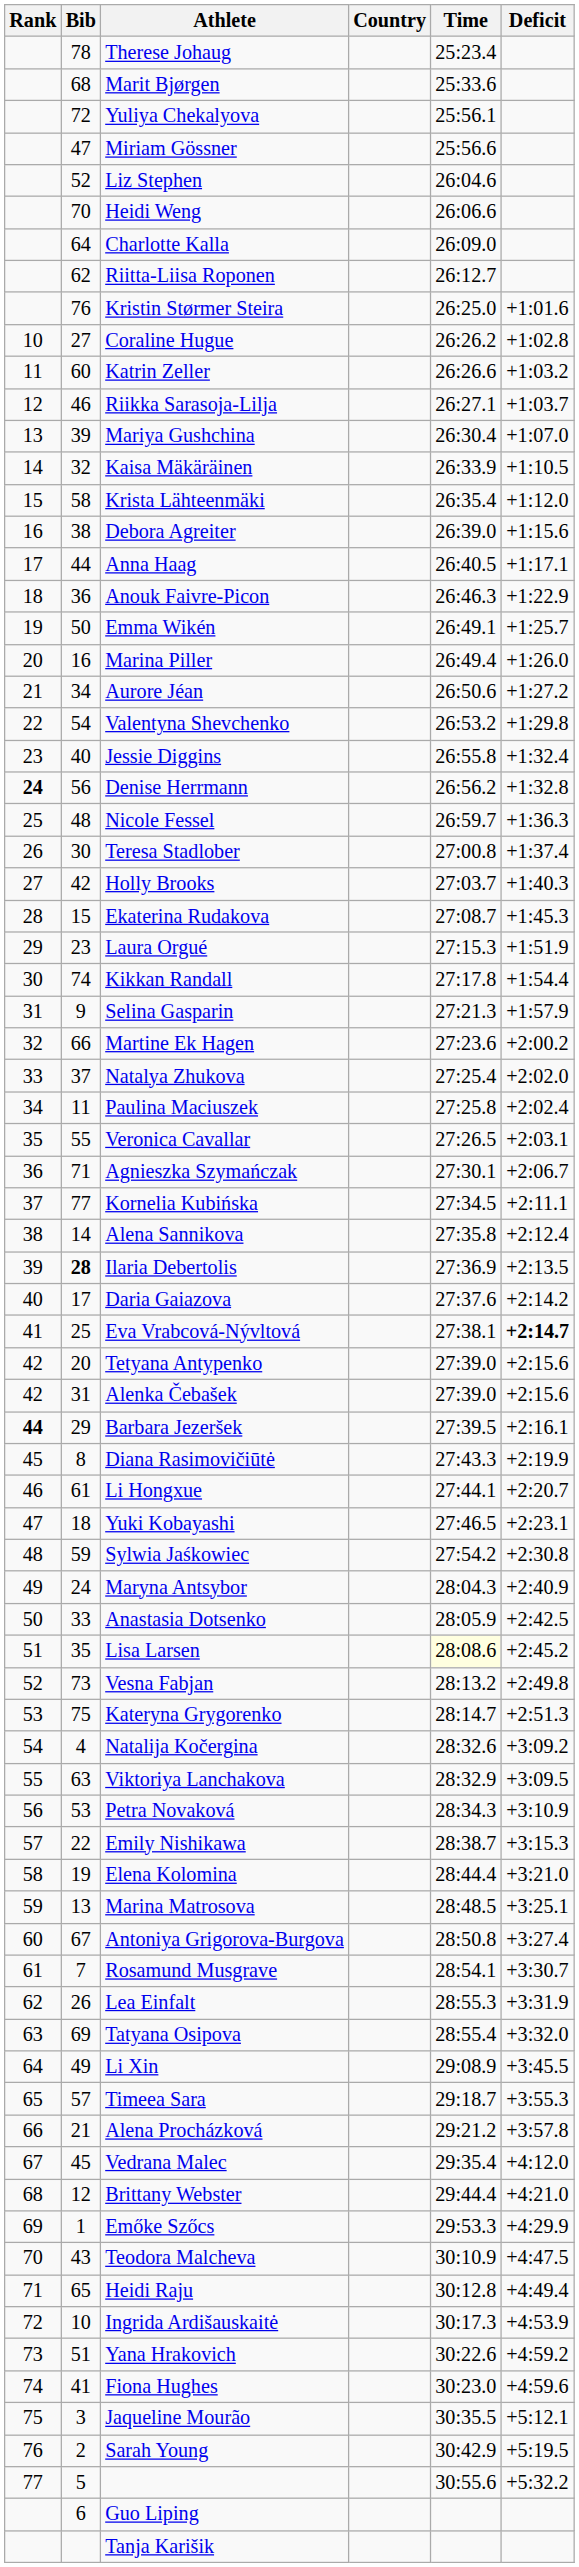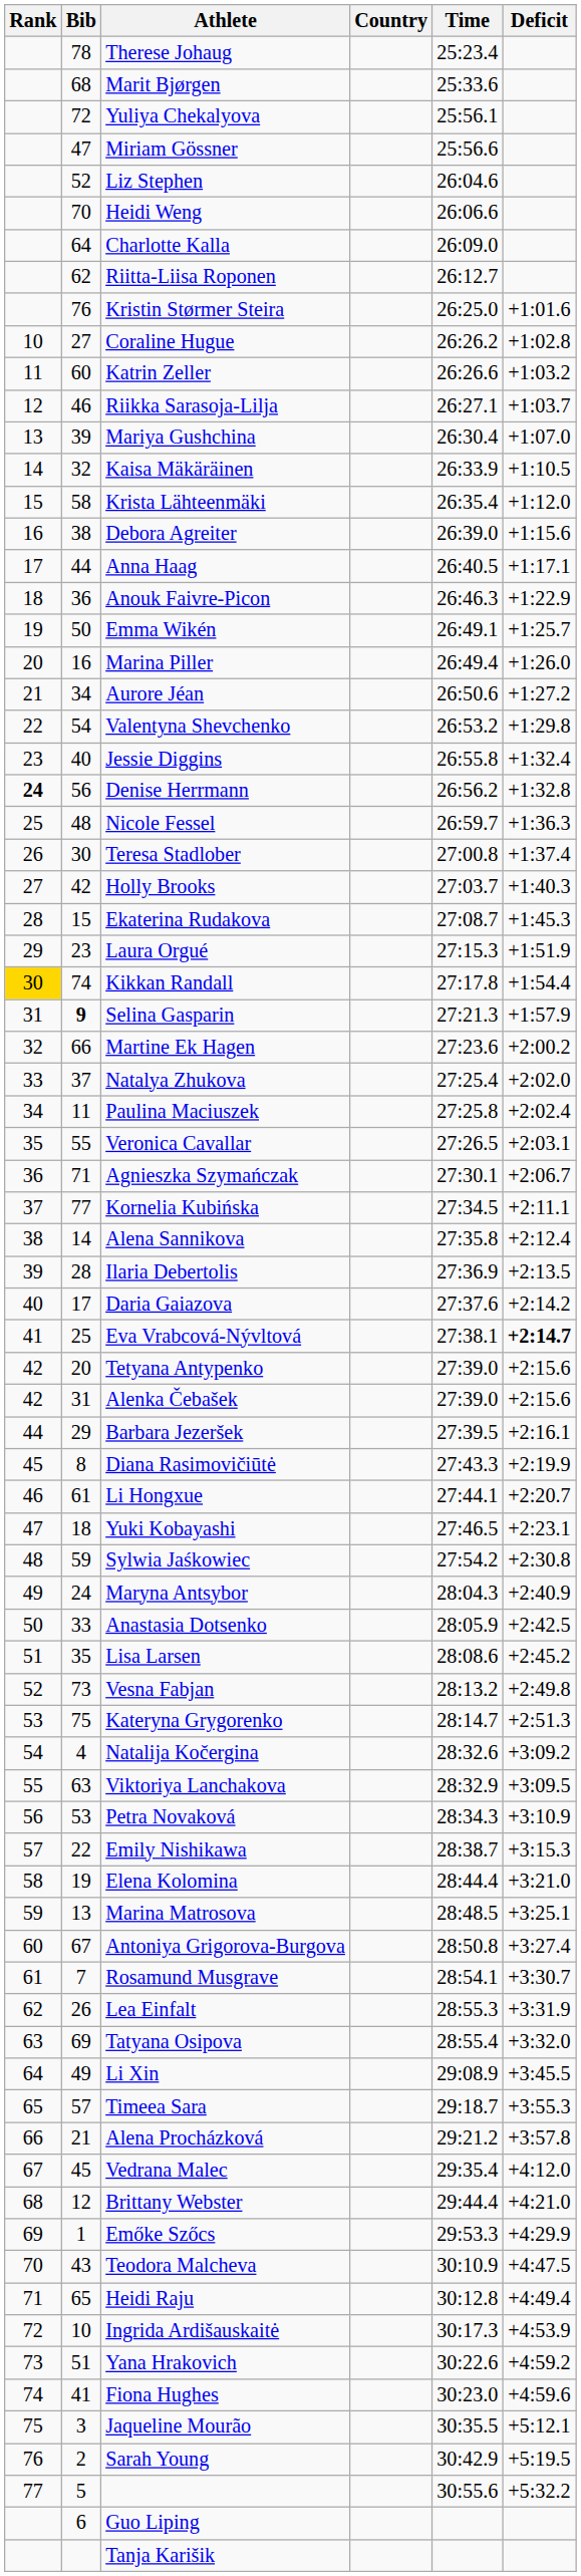 <table class="wikitable sortable" style="text-align:center">
 <tr>
 <th>Rank</th>
 <th>Bib</th>
 <th>Athlete</th>
 <th>Country</th>
 <th>Time</th>
 <th>Deficit</th>
 </tr>
 <tr>
 <td></td>
 <td>78</td>
 <td align=left><a href='#'>Therese Johaug</a></td>
 <td align=left></td>
 <td>25:23.4</td>
 <td></td>
 </tr>
 <tr>
 <td></td>
 <td>68</td>
 <td align=left><a href='#'>Marit Bjørgen</a></td>
 <td align=left></td>
 <td>25:33.6</td>
 <td></td>
 </tr>
 <tr>
 <td></td>
 <td>72</td>
 <td align=left><a href='#'>Yuliya Chekalyova</a></td>
 <td align=left></td>
 <td>25:56.1</td>
 <td></td>
 </tr>
 <tr>
 <td></td>
 <td>47</td>
 <td align=left><a href='#'>Miriam Gössner</a></td>
 <td align=left></td>
 <td>25:56.6</td>
 <td></td>
 </tr>
 <tr>
 <td></td>
 <td>52</td>
 <td align=left><a href='#'>Liz Stephen</a></td>
 <td align=left></td>
 <td>26:04.6</td>
 <td></td>
 </tr>
 <tr>
 <td></td>
 <td>70</td>
 <td align=left><a href='#'>Heidi Weng</a></td>
 <td align=left></td>
 <td>26:06.6</td>
 <td></td>
 </tr>
 <tr>
 <td></td>
 <td>64</td>
 <td align=left><a href='#'>Charlotte Kalla</a></td>
 <td align=left></td>
 <td>26:09.0</td>
 <td></td>
 </tr>
 <tr>
 <td></td>
 <td>62</td>
 <td align=left><a href='#'>Riitta-Liisa Roponen</a></td>
 <td align=left></td>
 <td>26:12.7</td>
 <td></td>
 </tr>
 <tr>
 <td></td>
 <td>76</td>
 <td align=left><a href='#'>Kristin Størmer Steira</a></td>
 <td align=left></td>
 <td>26:25.0</td>
 <td>+1:01.6</td>
 </tr>
 <tr>
 <td>10</td>
 <td>27</td>
 <td align=left><a href='#'>Coraline Hugue</a></td>
 <td align=left></td>
 <td>26:26.2</td>
 <td>+1:02.8</td>
 </tr>
 <tr>
 <td>11</td>
 <td>60</td>
 <td align=left><a href='#'>Katrin Zeller</a></td>
 <td align=left></td>
 <td>26:26.6</td>
 <td>+1:03.2</td>
 </tr>
 <tr>
 <td>12</td>
 <td>46</td>
 <td align=left><a href='#'>Riikka Sarasoja-Lilja</a></td>
 <td align=left></td>
 <td>26:27.1</td>
 <td>+1:03.7</td>
 </tr>
 <tr>
 <td>13</td>
 <td>39</td>
 <td align=left><a href='#'>Mariya Gushchina</a></td>
 <td align=left></td>
 <td>26:30.4</td>
 <td>+1:07.0</td>
 </tr>
 <tr>
 <td>14</td>
 <td>32</td>
 <td align=left><a href='#'>Kaisa Mäkäräinen</a></td>
 <td align=left></td>
 <td>26:33.9</td>
 <td>+1:10.5</td>
 </tr>
 <tr>
 <td>15</td>
 <td>58</td>
 <td align=left><a href='#'>Krista Lähteenmäki</a></td>
 <td align=left></td>
 <td>26:35.4</td>
 <td>+1:12.0</td>
 </tr>
 <tr>
 <td>16</td>
 <td>38</td>
 <td align=left><a href='#'>Debora Agreiter</a></td>
 <td align=left></td>
 <td>26:39.0</td>
 <td>+1:15.6</td>
 </tr>
 <tr>
 <td>17</td>
 <td>44</td>
 <td align=left><a href='#'>Anna Haag</a></td>
 <td align=left></td>
 <td>26:40.5</td>
 <td>+1:17.1</td>
 </tr>
 <tr>
 <td>18</td>
 <td>36</td>
 <td align=left><a href='#'>Anouk Faivre-Picon</a></td>
 <td align=left></td>
 <td>26:46.3</td>
 <td>+1:22.9</td>
 </tr>
 <tr>
 <td>19</td>
 <td>50</td>
 <td align=left><a href='#'>Emma Wikén</a></td>
 <td align=left></td>
 <td>26:49.1</td>
 <td>+1:25.7</td>
 </tr>
 <tr>
 <td>20</td>
 <td>16</td>
 <td align=left><a href='#'>Marina Piller</a></td>
 <td align=left></td>
 <td>26:49.4</td>
 <td>+1:26.0</td>
 </tr>
 <tr>
 <td>21</td>
 <td>34</td>
 <td align=left><a href='#'>Aurore Jéan</a></td>
 <td align=left></td>
 <td>26:50.6</td>
 <td>+1:27.2</td>
 </tr>
 <tr>
 <td>22</td>
 <td>54</td>
 <td align=left><a href='#'>Valentyna Shevchenko</a></td>
 <td align=left></td>
 <td>26:53.2</td>
 <td>+1:29.8</td>
 </tr>
 <tr>
 <td>23</td>
 <td>40</td>
 <td align=left><a href='#'>Jessie Diggins</a></td>
 <td align=left></td>
 <td>26:55.8</td>
 <td>+1:32.4</td>
 </tr>
 <tr>
 <td><strong>24</strong></td>
 <td>56</td>
 <td align=left><a href='#'>Denise Herrmann</a></td>
 <td align=left></td>
 <td>26:56.2</td>
 <td>+1:32.8</td>
 </tr>
 <tr>
 <td>25</td>
 <td>48</td>
 <td align=left><a href='#'>Nicole Fessel</a></td>
 <td align=left></td>
 <td>26:59.7</td>
 <td>+1:36.3</td>
 </tr>
 <tr>
 <td>26</td>
 <td>30</td>
 <td align=left><a href='#'>Teresa Stadlober</a></td>
 <td align=left></td>
 <td>27:00.8</td>
 <td>+1:37.4</td>
 </tr>
 <tr>
 <td>27</td>
 <td>42</td>
 <td align=left><a href='#'>Holly Brooks</a></td>
 <td align=left></td>
 <td>27:03.7</td>
 <td>+1:40.3</td>
 </tr>
 <tr>
 <td>28</td>
 <td>15</td>
 <td align=left><a href='#'>Ekaterina Rudakova</a></td>
 <td align=left></td>
 <td>27:08.7</td>
 <td>+1:45.3</td>
 </tr>
 <tr>
 <td>29</td>
 <td>23</td>
 <td align=left><a href='#'>Laura Orgué</a></td>
 <td align=left></td>
 <td>27:15.3</td>
 <td>+1:51.9</td>
 </tr>
 <tr>
-<td>30</td>
+<td style="background: gold;">30</td>
 <td>74</td>
 <td align=left><a href='#'>Kikkan Randall</a></td>
 <td align=left></td>
 <td>27:17.8</td>
 <td>+1:54.4</td>
 </tr>
 <tr>
 <td>31</td>
-<td>9</td>
+<td><strong>9</strong></td>
 <td align=left><a href='#'>Selina Gasparin</a></td>
 <td align=left></td>
 <td>27:21.3</td>
 <td>+1:57.9</td>
 </tr>
 <tr>
 <td>32</td>
 <td>66</td>
 <td align=left><a href='#'>Martine Ek Hagen</a></td>
 <td align=left></td>
 <td>27:23.6</td>
 <td>+2:00.2</td>
 </tr>
 <tr>
 <td>33</td>
 <td>37</td>
 <td align=left><a href='#'>Natalya Zhukova</a></td>
 <td align=left></td>
 <td>27:25.4</td>
 <td>+2:02.0</td>
 </tr>
 <tr>
 <td>34</td>
 <td>11</td>
 <td align=left><a href='#'>Paulina Maciuszek</a></td>
 <td align=left></td>
 <td>27:25.8</td>
 <td>+2:02.4</td>
 </tr>
 <tr>
 <td>35</td>
 <td>55</td>
 <td align=left><a href='#'>Veronica Cavallar</a></td>
 <td align=left></td>
 <td>27:26.5</td>
 <td>+2:03.1</td>
 </tr>
 <tr>
 <td>36</td>
 <td>71</td>
 <td align=left><a href='#'>Agnieszka Szymańczak</a></td>
 <td align=left></td>
 <td>27:30.1</td>
 <td>+2:06.7</td>
 </tr>
 <tr>
 <td>37</td>
 <td>77</td>
 <td align=left><a href='#'>Kornelia Kubińska</a></td>
 <td align=left></td>
 <td>27:34.5</td>
 <td>+2:11.1</td>
 </tr>
 <tr>
 <td>38</td>
 <td>14</td>
 <td align=left><a href='#'>Alena Sannikova</a></td>
 <td align=left></td>
 <td>27:35.8</td>
 <td>+2:12.4</td>
 </tr>
 <tr>
 <td>39</td>
-<td><strong>28</strong></td>
+<td>28</td>
 <td align=left><a href='#'>Ilaria Debertolis</a></td>
 <td align=left></td>
 <td>27:36.9</td>
 <td>+2:13.5</td>
 </tr>
 <tr>
 <td>40</td>
 <td>17</td>
 <td align=left><a href='#'>Daria Gaiazova</a></td>
 <td align=left></td>
 <td>27:37.6</td>
 <td>+2:14.2</td>
 </tr>
 <tr>
 <td>41</td>
 <td>25</td>
 <td align=left><a href='#'>Eva Vrabcová-Nývltová</a></td>
 <td align=left></td>
 <td>27:38.1</td>
 <td><strong>+2:14.7</strong></td>
 </tr>
 <tr>
 <td>42</td>
 <td>20</td>
 <td align=left><a href='#'>Tetyana Antypenko</a></td>
 <td align=left></td>
 <td>27:39.0</td>
 <td>+2:15.6</td>
 </tr>
 <tr>
 <td>42</td>
 <td>31</td>
 <td align=left><a href='#'>Alenka Čebašek</a></td>
 <td align=left></td>
 <td>27:39.0</td>
 <td>+2:15.6</td>
 </tr>
 <tr>
-<td><strong>44</strong></td>
+<td>44</td>
 <td>29</td>
 <td align=left><a href='#'>Barbara Jezeršek</a></td>
 <td align=left></td>
 <td>27:39.5</td>
 <td>+2:16.1</td>
 </tr>
 <tr>
 <td>45</td>
 <td>8</td>
 <td align=left><a href='#'>Diana Rasimovičiūtė</a></td>
 <td align=left></td>
 <td>27:43.3</td>
 <td>+2:19.9</td>
 </tr>
 <tr>
 <td>46</td>
 <td>61</td>
 <td align=left><a href='#'>Li Hongxue</a></td>
 <td align=left></td>
 <td>27:44.1</td>
 <td>+2:20.7</td>
 </tr>
 <tr>
 <td>47</td>
 <td>18</td>
 <td align=left><a href='#'>Yuki Kobayashi</a></td>
 <td align=left></td>
 <td>27:46.5</td>
 <td>+2:23.1</td>
 </tr>
 <tr>
 <td>48</td>
 <td>59</td>
 <td align=left><a href='#'>Sylwia Jaśkowiec</a></td>
 <td align=left></td>
 <td>27:54.2</td>
 <td>+2:30.8</td>
 </tr>
 <tr>
 <td>49</td>
 <td>24</td>
 <td align=left><a href='#'>Maryna Antsybor</a></td>
 <td align=left></td>
 <td>28:04.3</td>
 <td>+2:40.9</td>
 </tr>
 <tr>
 <td>50</td>
 <td>33</td>
 <td align=left><a href='#'>Anastasia Dotsenko</a></td>
 <td align=left></td>
 <td>28:05.9</td>
 <td>+2:42.5</td>
 </tr>
 <tr>
 <td>51</td>
 <td>35</td>
 <td align=left><a href='#'>Lisa Larsen</a></td>
 <td align=left></td>
-<td style="background: lightyellow;">28:08.6</td>
+<td>28:08.6</td>
 <td>+2:45.2</td>
 </tr>
 <tr>
 <td>52</td>
 <td>73</td>
 <td align=left><a href='#'>Vesna Fabjan</a></td>
 <td align=left></td>
 <td>28:13.2</td>
 <td>+2:49.8</td>
 </tr>
 <tr>
 <td>53</td>
 <td>75</td>
 <td align=left><a href='#'>Kateryna Grygorenko</a></td>
 <td align=left></td>
 <td>28:14.7</td>
 <td>+2:51.3</td>
 </tr>
 <tr>
 <td>54</td>
 <td>4</td>
 <td align=left><a href='#'>Natalija Kočergina</a></td>
 <td align=left></td>
 <td>28:32.6</td>
 <td>+3:09.2</td>
 </tr>
 <tr>
 <td>55</td>
 <td>63</td>
 <td align=left><a href='#'>Viktoriya Lanchakova</a></td>
 <td align=left></td>
 <td>28:32.9</td>
 <td>+3:09.5</td>
 </tr>
 <tr>
 <td>56</td>
 <td>53</td>
 <td align=left><a href='#'>Petra Novaková</a></td>
 <td align=left></td>
 <td>28:34.3</td>
 <td>+3:10.9</td>
 </tr>
 <tr>
 <td>57</td>
 <td>22</td>
 <td align=left><a href='#'>Emily Nishikawa</a></td>
 <td align=left></td>
 <td>28:38.7</td>
 <td>+3:15.3</td>
 </tr>
 <tr>
 <td>58</td>
 <td>19</td>
 <td align=left><a href='#'>Elena Kolomina</a></td>
 <td align=left></td>
 <td>28:44.4</td>
 <td>+3:21.0</td>
 </tr>
 <tr>
 <td>59</td>
 <td>13</td>
 <td align=left><a href='#'>Marina Matrosova</a></td>
 <td align=left></td>
 <td>28:48.5</td>
 <td>+3:25.1</td>
 </tr>
 <tr>
 <td>60</td>
 <td>67</td>
 <td align=left><a href='#'>Antoniya Grigorova-Burgova</a></td>
 <td align=left></td>
 <td>28:50.8</td>
 <td>+3:27.4</td>
 </tr>
 <tr>
 <td>61</td>
 <td>7</td>
 <td align=left><a href='#'>Rosamund Musgrave</a></td>
 <td align=left></td>
 <td>28:54.1</td>
 <td>+3:30.7</td>
 </tr>
 <tr>
 <td>62</td>
 <td>26</td>
 <td align=left><a href='#'>Lea Einfalt</a></td>
 <td align=left></td>
 <td>28:55.3</td>
 <td>+3:31.9</td>
 </tr>
 <tr>
 <td>63</td>
 <td>69</td>
 <td align=left><a href='#'>Tatyana Osipova</a></td>
 <td align=left></td>
 <td>28:55.4</td>
 <td>+3:32.0</td>
 </tr>
 <tr>
 <td>64</td>
 <td>49</td>
 <td align=left><a href='#'>Li Xin</a></td>
 <td align=left></td>
 <td>29:08.9</td>
 <td>+3:45.5</td>
 </tr>
 <tr>
 <td>65</td>
 <td>57</td>
 <td align=left><a href='#'>Timeea Sara</a></td>
 <td align=left></td>
 <td>29:18.7</td>
 <td>+3:55.3</td>
 </tr>
 <tr>
 <td>66</td>
 <td>21</td>
 <td align=left><a href='#'>Alena Procházková</a></td>
 <td align=left></td>
 <td>29:21.2</td>
 <td>+3:57.8</td>
 </tr>
 <tr>
 <td>67</td>
 <td>45</td>
 <td align=left><a href='#'>Vedrana Malec</a></td>
 <td align=left></td>
 <td>29:35.4</td>
 <td>+4:12.0</td>
 </tr>
 <tr>
 <td>68</td>
 <td>12</td>
 <td align=left><a href='#'>Brittany Webster</a></td>
 <td align=left></td>
 <td>29:44.4</td>
 <td>+4:21.0</td>
 </tr>
 <tr>
 <td>69</td>
 <td>1</td>
 <td align=left><a href='#'>Emőke Szőcs</a></td>
 <td align=left></td>
 <td>29:53.3</td>
 <td>+4:29.9</td>
 </tr>
 <tr>
 <td>70</td>
 <td>43</td>
 <td align=left><a href='#'>Teodora Malcheva</a></td>
 <td align=left></td>
 <td>30:10.9</td>
 <td>+4:47.5</td>
 </tr>
 <tr>
 <td>71</td>
 <td>65</td>
 <td align=left><a href='#'>Heidi Raju</a></td>
 <td align=left></td>
 <td>30:12.8</td>
 <td>+4:49.4</td>
 </tr>
 <tr>
 <td>72</td>
 <td>10</td>
 <td align=left><a href='#'>Ingrida Ardišauskaitė</a></td>
 <td align=left></td>
 <td>30:17.3</td>
 <td>+4:53.9</td>
 </tr>
 <tr>
 <td>73</td>
 <td>51</td>
 <td align=left><a href='#'>Yana Hrakovich</a></td>
 <td align=left></td>
 <td>30:22.6</td>
 <td>+4:59.2</td>
 </tr>
 <tr>
 <td>74</td>
 <td>41</td>
 <td align=left><a href='#'>Fiona Hughes</a></td>
 <td align=left></td>
 <td>30:23.0</td>
 <td>+4:59.6</td>
 </tr>
 <tr>
 <td>75</td>
 <td>3</td>
 <td align=left><a href='#'>Jaqueline Mourão</a></td>
 <td align=left></td>
 <td>30:35.5</td>
 <td>+5:12.1</td>
 </tr>
 <tr>
 <td>76</td>
 <td>2</td>
 <td align=left><a href='#'>Sarah Young</a></td>
 <td align=left></td>
 <td>30:42.9</td>
 <td>+5:19.5</td>
 </tr>
 <tr>
 <td>77</td>
 <td>5</td>
 <td align=left></td>
 <td align=left></td>
 <td>30:55.6</td>
 <td>+5:32.2</td>
 </tr>
 <tr>
 <td></td>
 <td>6</td>
 <td align=left><a href='#'>Guo Liping</a></td>
 <td align=left></td>
 <td></td>
 <td></td>
 </tr>
 <tr>
 <td></td>
 <td></td>
 <td align=left><a href='#'>Tanja Karišik</a></td>
 <td align=left></td>
 <td></td>
 <td></td>
 </tr>
 </table>
